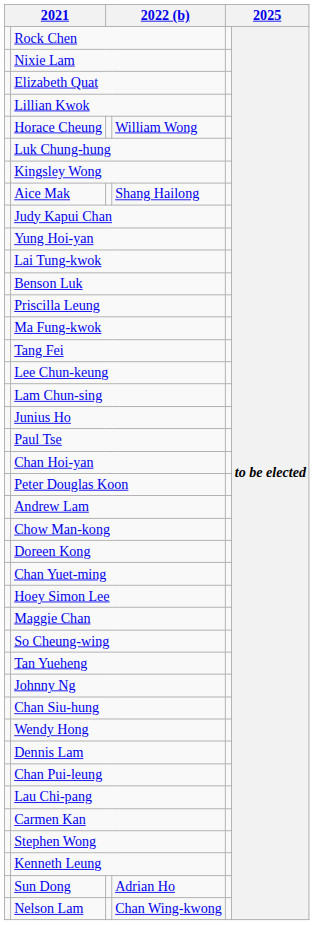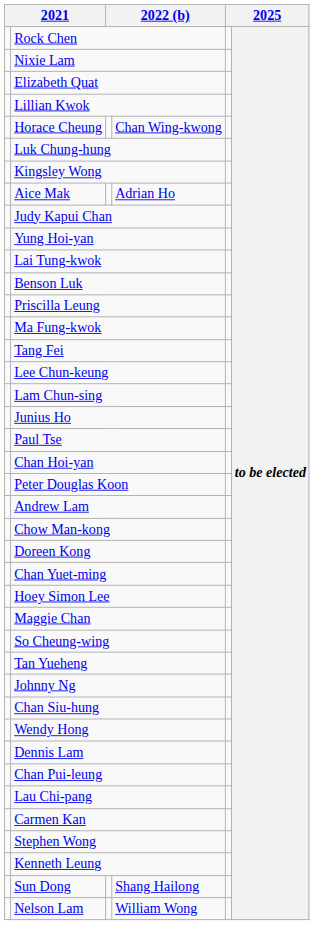 <table class="wikitable" style="text-align:left; font-size:100%;">
 <tr>
 <th colspan="2" style="width:1px;"><a href='#'>2021</a></th>
 <th colspan="2"><a href='#'>2022 (b)</a></th>
 <th colspan="2" style="width:1px;"><a href='#'>2025</a></th>
 </tr>
 <tr>
 <td style="color:inherit;background:"></td>
 <td colspan="3"><a href='#'>Rock Chen</a><br></td>
 <td style="color:inherit;background:"></td>
 <th rowspan="40"><em>to be elected</em></th>
 </tr>
 <tr>
 <td style="color:inherit;background:"></td>
 <td colspan="3"><a href='#'>Nixie Lam</a><br></td>
 <td style="color:inherit;background:"></td>
 </tr>
 <tr>
 <td style="color:inherit;background:"></td>
 <td colspan="3"><a href='#'>Elizabeth Quat</a><br></td>
 <td style="color:inherit;background:"></td>
 </tr>
 <tr>
 <td style="color:inherit;background:"></td>
 <td colspan="3"><a href='#'>Lillian Kwok</a><br></td>
 <td style="color:inherit;background:"></td>
 </tr>
 <tr>
 <td style="color:inherit;background:"></td>
 <td><a href='#'>Horace Cheung </a><br></td>
 <td style="color:inherit;background:"></td>
-<td><a href='#'>William Wong</a><br></td>
+<td><a href='#'>Chan Wing-kwong</a><br></td>
 <td style="color:inherit;background:"></td>
 </tr>
 <tr>
 <td style="color:inherit;background:"></td>
 <td colspan="3"><a href='#'>Luk Chung-hung</a> <br></td>
 <td style="color:inherit;background:"></td>
 </tr>
 <tr>
 <td style="color:inherit;background:"></td>
 <td colspan="3"><a href='#'>Kingsley Wong</a> <br></td>
 <td style="color:inherit;background:"></td>
 </tr>
 <tr>
 <td style="color:inherit;background:"></td>
 <td><a href='#'>Aice Mak</a><br></td>
 <td style="color:inherit;background:"></td>
-<td><a href='#'>Shang Hailong</a><br></td>
+<td><a href='#'>Adrian Ho</a><br></td>
 <td style="color:inherit;background:"></td>
 </tr>
 <tr>
 <td style="color:inherit;background:"></td>
 <td colspan="3"><a href='#'>Judy Kapui Chan</a><br></td>
 <td style="color:inherit;background:"></td>
 </tr>
 <tr>
 <td style="color:inherit;background:"></td>
 <td colspan="3"><a href='#'>Yung Hoi-yan</a><br></td>
 <td style="color:inherit;background:"></td>
 </tr>
 <tr>
 <td style="color:inherit;background:"></td>
 <td colspan="3"><a href='#'>Lai Tung-kwok</a><br></td>
 <td style="color:inherit;background:"></td>
 </tr>
 <tr>
 <td style="color:inherit;background:"></td>
 <td colspan="3"><a href='#'>Benson Luk</a><br></td>
 <td style="color:inherit;background:"></td>
 </tr>
 <tr>
 <td style="color:inherit;background:"></td>
 <td colspan="3"><a href='#'>Priscilla Leung</a><br></td>
 <td style="color:inherit;background:"></td>
 </tr>
 <tr>
 <td style="color:inherit;background:"></td>
 <td colspan="3"><a href='#'>Ma Fung-kwok</a> <br></td>
 <td style="color:inherit;background:"></td>
 </tr>
 <tr>
 <td style="color:inherit;background:"></td>
 <td colspan="3"><a href='#'>Tang Fei</a> <br></td>
 <td style="color:inherit;background:"></td>
 </tr>
 <tr>
 <td style="color:inherit;background:"></td>
 <td colspan="3"><a href='#'>Lee Chun-keung</a><br></td>
 <td style="color:inherit;background:"></td>
 </tr>
 <tr>
 <td style="color:inherit;background:"></td>
 <td colspan="3"><a href='#'>Lam Chun-sing</a><br></td>
 <td style="color:inherit;background:"></td>
 </tr>
 <tr>
 <td style="color:inherit;background:"></td>
 <td colspan="3"><a href='#'>Junius Ho</a><br></td>
 <td style="color:inherit;background:"></td>
 </tr>
 <tr>
 <td style="color:inherit;background:"></td>
 <td colspan="3"><a href='#'>Paul Tse</a><br></td>
 <td style="color:inherit;background:"></td>
 </tr>
 <tr>
 <td style="color:inherit;background:"></td>
 <td colspan="3"><a href='#'>Chan Hoi-yan</a> <br></td>
 <td style="color:inherit;background:"></td>
 </tr>
 <tr>
 <td style="color:inherit;background:"></td>
 <td colspan="3"><a href='#'>Peter Douglas Koon</a><br></td>
 <td style="color:inherit;background:"></td>
 </tr>
 <tr>
 <td style="color:inherit;background:"></td>
 <td colspan="3"><a href='#'>Andrew Lam</a><br></td>
 <td style="color:inherit;background:"></td>
 </tr>
 <tr>
 <td style="color:inherit;background:"></td>
 <td colspan="3"><a href='#'>Chow Man-kong</a><br></td>
 <td style="color:inherit;background:"></td>
 </tr>
 <tr>
 <td style="color:inherit;background:"></td>
 <td colspan="3"><a href='#'>Doreen Kong</a><br></td>
 <td style="color:inherit;background:"></td>
 </tr>
 <tr>
 <td style="color:inherit;background:"></td>
 <td colspan="3"><a href='#'>Chan Yuet-ming</a><br></td>
 <td style="color:inherit;background:"></td>
 </tr>
 <tr>
 <td style="color:inherit;background:"></td>
 <td colspan="3"><a href='#'>Hoey Simon Lee</a><br></td>
 <td style="color:inherit;background:"></td>
 </tr>
 <tr>
 <td style="color:inherit;background:"></td>
 <td colspan="3"><a href='#'>Maggie Chan</a><br></td>
 <td style="color:inherit;background:"></td>
 </tr>
 <tr>
 <td style="color:inherit;background:"></td>
 <td colspan="3"><a href='#'>So Cheung-wing</a><br></td>
 <td style="color:inherit;background:"></td>
 </tr>
 <tr>
 <td style="color:inherit;background:"></td>
 <td colspan="3"><a href='#'>Tan Yueheng</a><br></td>
 <td style="color:inherit;background:"></td>
 </tr>
 <tr>
 <td style="color:inherit;background:"></td>
 <td colspan="3"><a href='#'>Johnny Ng</a><br></td>
 <td style="color:inherit;background:"></td>
 </tr>
 <tr>
 <td style="color:inherit;background:"></td>
 <td colspan="3"><a href='#'>Chan Siu-hung</a><br></td>
 <td style="color:inherit;background:"></td>
 </tr>
 <tr>
 <td style="color:inherit;background:"></td>
 <td colspan="3"><a href='#'>Wendy Hong</a><br></td>
 <td style="color:inherit;background:"></td>
 </tr>
 <tr>
 <td style="color:inherit;background:"></td>
 <td colspan="3"><a href='#'>Dennis Lam</a><br></td>
 <td style="color:inherit;background:"></td>
 </tr>
 <tr>
 <td style="color:inherit;background:"></td>
 <td colspan="3"><a href='#'>Chan Pui-leung</a><br></td>
 <td style="color:inherit;background:"></td>
 </tr>
 <tr>
 <td style="color:inherit;background:"></td>
 <td colspan="3"><a href='#'>Lau Chi-pang</a><br></td>
 <td style="color:inherit;background:"></td>
 </tr>
 <tr>
 <td style="color:inherit;background:"></td>
 <td colspan="3"><a href='#'>Carmen Kan</a><br></td>
 <td style="color:inherit;background:"></td>
 </tr>
 <tr>
 <td style="color:inherit;background:"></td>
 <td colspan="3"><a href='#'>Stephen Wong</a><br></td>
 <td style="color:inherit;background:"></td>
 </tr>
 <tr>
 <td style="color:inherit;background:"></td>
 <td colspan="3"><a href='#'>Kenneth Leung</a><br></td>
 <td style="color:inherit;background:"></td>
 </tr>
 <tr>
 <td style="color:inherit;background:"></td>
 <td><a href='#'>Sun Dong</a><br></td>
 <td style="color:inherit;background:"></td>
-<td><a href='#'>Adrian Ho</a><br></td>
+<td><a href='#'>Shang Hailong</a><br></td>
 <td style="color:inherit;background:"></td>
 </tr>
 <tr>
 <td style="color:inherit;background:"></td>
 <td><a href='#'>Nelson Lam</a><br></td>
 <td style="color:inherit;background:"></td>
-<td><a href='#'>Chan Wing-kwong</a><br></td>
+<td><a href='#'>William Wong</a><br></td>
 <td style="color:inherit;background:"></td>
 </tr>
 </table>
